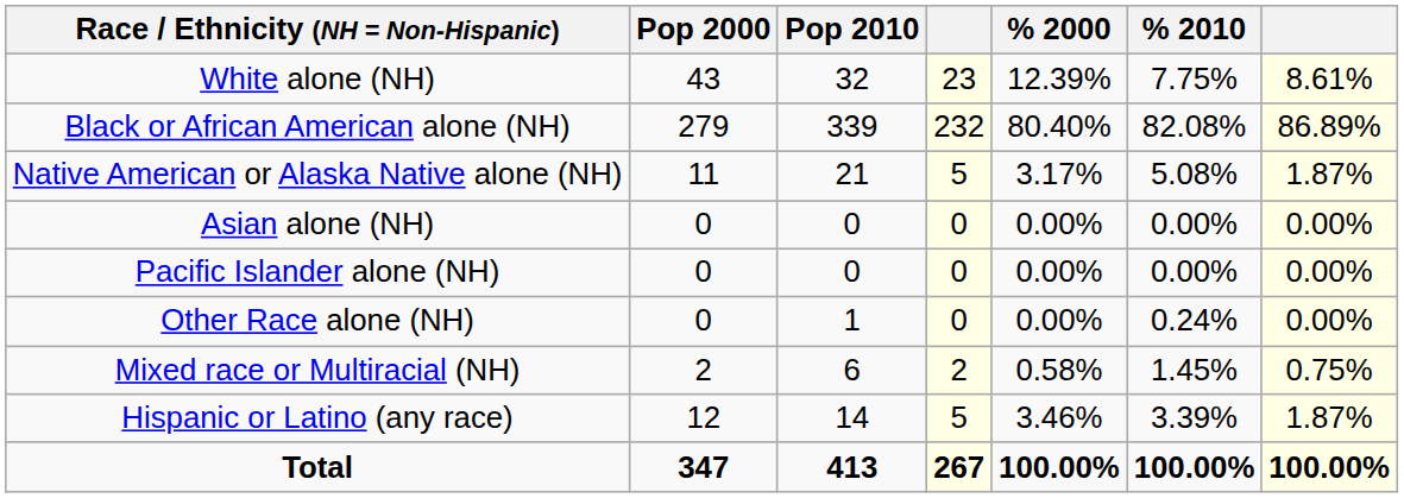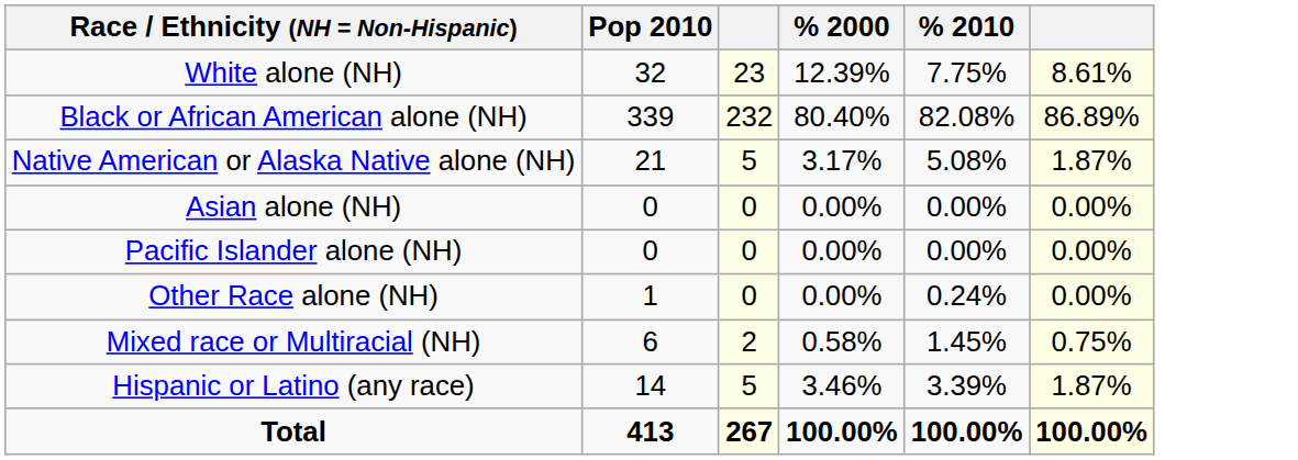 <table class="wikitable" style="text-align:center;">
 <tr>
 <th>Race / Ethnicity <small>(<em>NH = Non-Hispanic</em>)</small></th>
-<th>Pop 2000</th>
 <th>Pop 2010</th>
 <th></th>
 <th>% 2000</th>
 <th>% 2010</th>
 <th></th>
 </tr>
 <tr>
 <td><a href='#'>White</a> alone (NH)</td>
-<td>43</td>
 <td>32</td>
 <td style='background: #ffffe6;'>23</td>
 <td>12.39%</td>
 <td>7.75%</td>
 <td style='background: #ffffe6;'>8.61%</td>
 </tr>
 <tr>
 <td><a href='#'>Black or African American</a> alone (NH)</td>
-<td>279</td>
 <td>339</td>
 <td style='background: #ffffe6;'>232</td>
 <td>80.40%</td>
 <td>82.08%</td>
 <td style='background: #ffffe6;'>86.89%</td>
 </tr>
 <tr>
 <td><a href='#'>Native American</a> or <a href='#'>Alaska Native</a> alone (NH)</td>
-<td>11</td>
 <td>21</td>
 <td style='background: #ffffe6;'>5</td>
 <td>3.17%</td>
 <td>5.08%</td>
 <td style='background: #ffffe6;'>1.87%</td>
 </tr>
 <tr>
 <td><a href='#'>Asian</a> alone (NH)</td>
 <td>0</td>
-<td>0</td>
 <td style='background: #ffffe6;'>0</td>
 <td>0.00%</td>
 <td>0.00%</td>
 <td style='background: #ffffe6;'>0.00%</td>
 </tr>
 <tr>
 <td><a href='#'>Pacific Islander</a> alone (NH)</td>
 <td>0</td>
-<td>0</td>
 <td style='background: #ffffe6;'>0</td>
 <td>0.00%</td>
 <td>0.00%</td>
 <td style='background: #ffffe6;'>0.00%</td>
 </tr>
 <tr>
 <td><a href='#'>Other Race</a> alone (NH)</td>
-<td>0</td>
 <td>1</td>
 <td style='background: #ffffe6;'>0</td>
 <td>0.00%</td>
 <td>0.24%</td>
 <td style='background: #ffffe6;'>0.00%</td>
 </tr>
 <tr>
 <td><a href='#'>Mixed race or Multiracial</a> (NH)</td>
-<td>2</td>
 <td>6</td>
 <td style='background: #ffffe6;'>2</td>
 <td>0.58%</td>
 <td>1.45%</td>
 <td style='background: #ffffe6;'>0.75%</td>
 </tr>
 <tr>
 <td><a href='#'>Hispanic or Latino</a> (any race)</td>
-<td>12</td>
 <td>14</td>
 <td style='background: #ffffe6;'>5</td>
 <td>3.46%</td>
 <td>3.39%</td>
 <td style='background: #ffffe6;'>1.87%</td>
 </tr>
 <tr>
 <td><strong>Total</strong></td>
-<td><strong>347</strong></td>
 <td><strong>413</strong></td>
 <td style='background: #ffffe6;'><strong>267</strong></td>
 <td><strong>100.00%</strong></td>
 <td><strong>100.00%</strong></td>
 <td style='background: #ffffe6;'><strong>100.00%</strong></td>
 </tr>
 </table>
